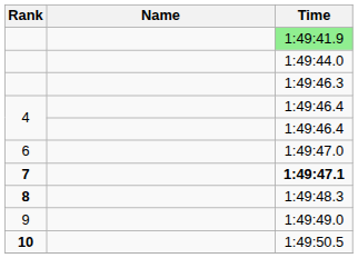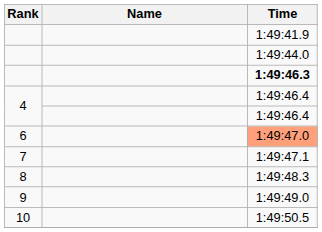 <table class="wikitable" style="text-align:center">
 <tr>
 <th>Rank</th>
 <th width=250>Name</th>
 <th width=80>Time</th>
 </tr>
 <tr>
 <td></td>
 <td align=left></td>
-<td style="background: lightgreen;">1:49:41.9</td>
+<td>1:49:41.9</td>
 </tr>
 <tr>
 <td></td>
 <td align=left></td>
 <td>1:49:44.0</td>
 </tr>
 <tr>
 <td></td>
 <td align=left></td>
-<td>1:49:46.3</td>
+<td><strong>1:49:46.3</strong></td>
 </tr>
 <tr>
 <td rowspan=2>4</td>
 <td align=left></td>
 <td>1:49:46.4</td>
 </tr>
 <tr>
 <td align=left></td>
 <td>1:49:46.4</td>
 </tr>
 <tr>
 <td>6</td>
 <td align=left></td>
-<td>1:49:47.0</td>
+<td style="background: lightsalmon;">1:49:47.0</td>
 </tr>
 <tr>
-<td><strong>7</strong></td>
+<td>7</td>
 <td align=left></td>
-<td><strong>1:49:47.1</strong></td>
+<td>1:49:47.1</td>
 </tr>
 <tr>
-<td><strong>8</strong></td>
+<td>8</td>
 <td align=left></td>
 <td>1:49:48.3</td>
 </tr>
 <tr>
 <td>9</td>
 <td align=left></td>
 <td>1:49:49.0</td>
 </tr>
 <tr>
-<td><strong>10</strong></td>
+<td>10</td>
 <td align=left></td>
 <td>1:49:50.5</td>
 </tr>
 <tr>
 </tr>
 </table>
